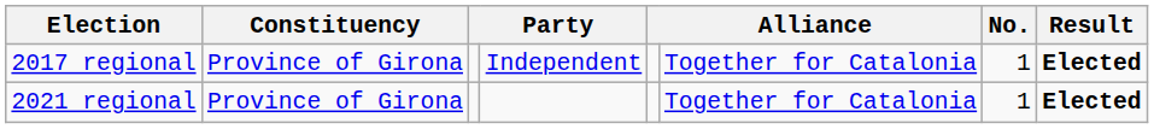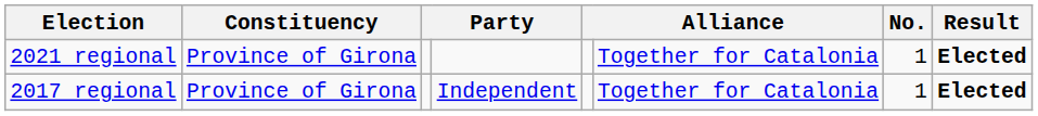 <table class="wikitable" style="text-align:left;">
 <tr>
 <th scope=col>Election</th>
 <th scope=col>Constituency</th>
 <th scope=col colspan="2">Party</th>
 <th scope=col colspan="2">Alliance</th>
 <th scope=col>No.</th>
 <th scope=col>Result</th>
+</tr>
+<tr>
+<td><a href='#'>2021 regional</a></td>
+<td><a href='#'>Province of Girona</a></td>
+<td></td>
+<td></td>
+<td style="background:"></td>
+<td><a href='#'>Together for Catalonia</a></td>
+<td align=right>1</td>
+<td><strong>Elected</strong></td>
 </tr>
 <tr>
 <td><a href='#'>2017 regional</a></td>
 <td><a href='#'>Province of Girona</a></td>
 <td style="background:"></td>
 <td><a href='#'>Independent</a></td>
 <td style="background:"></td>
 <td><a href='#'>Together for Catalonia</a></td>
 <td align=right>1</td>
 <td><strong>Elected</strong></td>
 </tr>
-<tr>
-<td><a href='#'>2021 regional</a></td>
-<td><a href='#'>Province of Girona</a></td>
-<td></td>
-<td></td>
-<td style="background:"></td>
-<td><a href='#'>Together for Catalonia</a></td>
-<td align=right>1</td>
-<td><strong>Elected</strong></td>
-</tr>
 </table>
